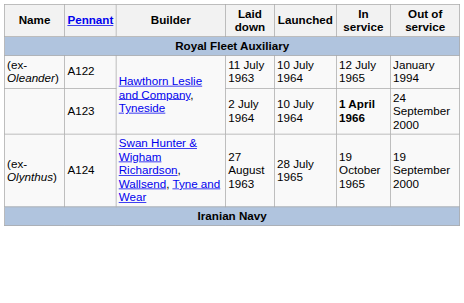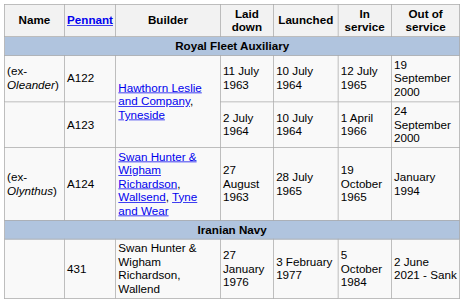 <table class="wikitable" style="font-size:97%;">
 <tr>
 <th>Name</th>
 <th><a href='#'>Pennant</a></th>
 <th>Builder</th>
 <th>Laid down</th>
 <th>Launched</th>
 <th>In service</th>
 <th>Out of service</th>
 </tr>
 <tr>
 <th style="align: center; background: #B0C4DE;" colspan=7><strong>Royal Fleet Auxiliary</strong></th>
 </tr>
 <tr>
 <td> (ex-<em>Oleander</em>)</td>
 <td>A122</td>
 <td rowspan=2><a href='#'>Hawthorn Leslie and Company</a>, <a href='#'>Tyneside</a></td>
 <td>11 July 1963</td>
 <td>10 July 1964</td>
 <td>12 July 1965</td>
-<td>January 1994</td>
+<td>19 September 2000</td>
 </tr>
 <tr>
 <td></td>
 <td>A123</td>
 <td>2 July 1964</td>
 <td>10 July 1964</td>
-<td><strong>1 April 1966</strong></td>
+<td>1 April 1966</td>
 <td>24 September 2000</td>
 </tr>
 <tr>
 <td> (ex-<em>Olynthus</em>)</td>
 <td>A124</td>
 <td><a href='#'>Swan Hunter & Wigham Richardson</a>, <a href='#'>Wallsend</a>, <a href='#'>Tyne and Wear</a></td>
 <td>27 August 1963</td>
 <td>28 July 1965</td>
 <td>19 October 1965</td>
-<td>19 September 2000</td>
+<td>January 1994</td>
 </tr>
 <tr>
 <th style="align: center; background: #B0C4DE;" colspan=7><strong>Iranian Navy</strong></th>
 </tr>
+<tr>
+<td></td>
+<td>431</td>
+<td>Swan Hunter & Wigham Richardson, Wallend</td>
+<td>27 January 1976</td>
+<td>3 February 1977</td>
+<td>5 October 1984</td>
+<td>2 June 2021 - Sank</td>
+</tr>
 </table>
